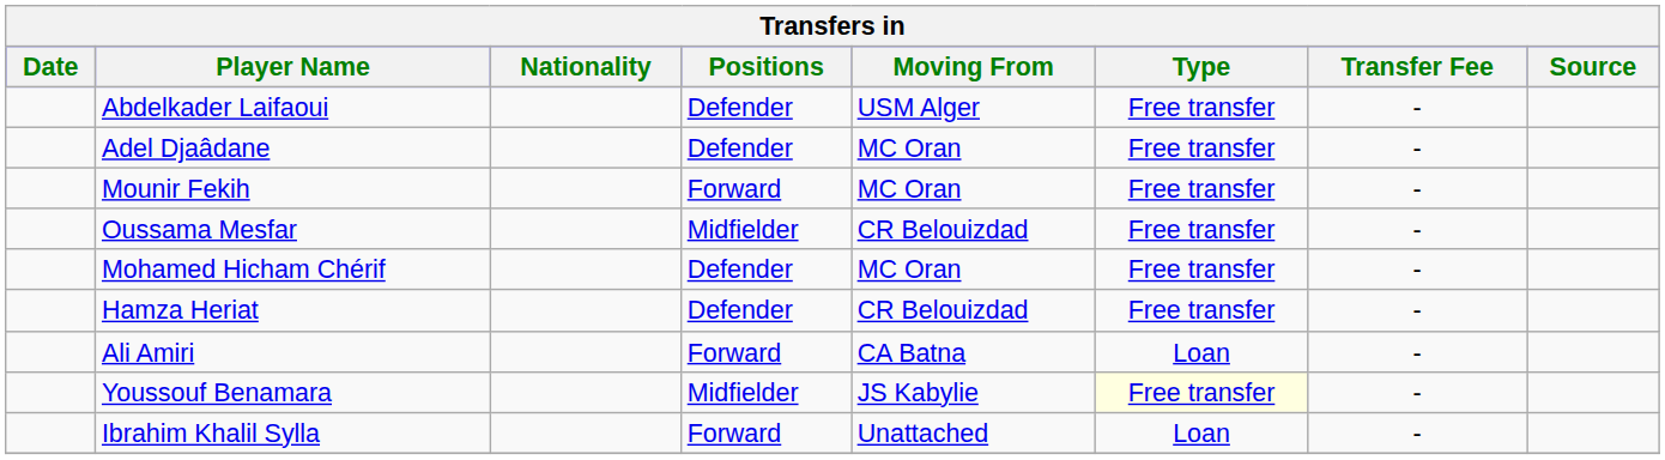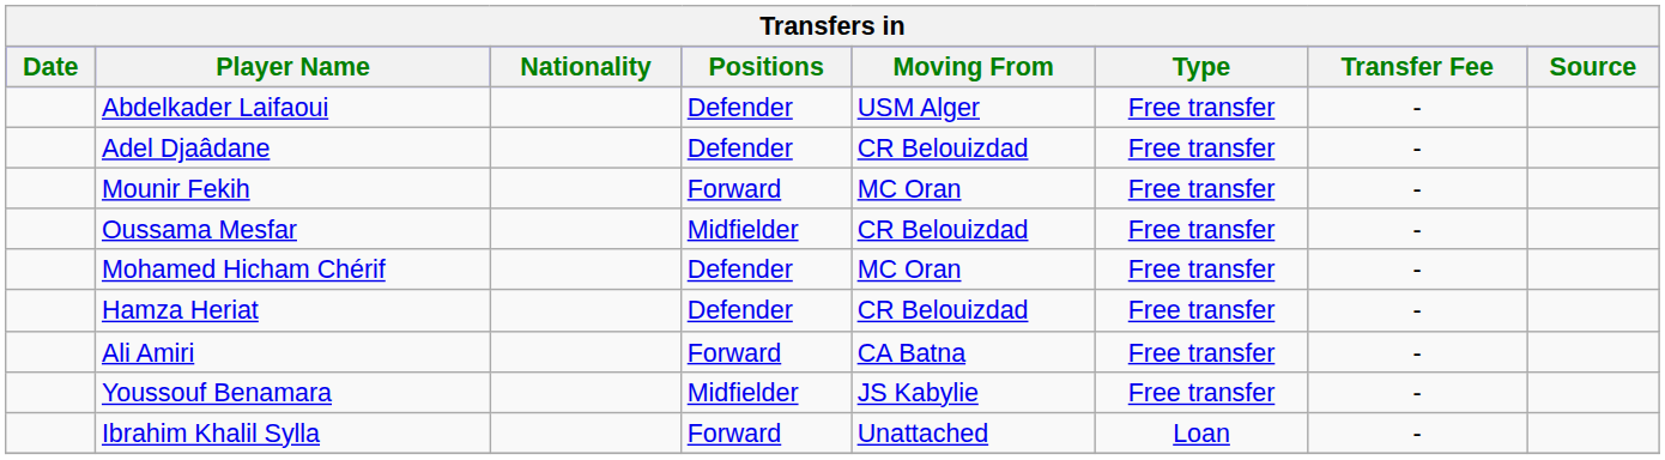 <table class="wikitable collapsible collapsed" style="font-size:95%; text-align: center; width: 980px;">
 <tr>
 <th colspan="8" style="with: 100%;" align=center style="color:green; background:FFFFFF">Transfers in</th>
 </tr>
 <tr bgcolor="blue" style="color:green;">
 <th>Date</th>
 <th>Player Name</th>
 <th>Nationality</th>
 <th>Positions</th>
 <th>Moving From</th>
 <th>Type</th>
 <th>Transfer Fee</th>
 <th>Source</th>
 </tr>
 <tr>
 <td align="left"></td>
 <td align="left"> <a href='#'>Abdelkader Laifaoui</a></td>
 <td align=center></td>
 <td align=left><a href='#'>Defender</a></td>
 <td align=left> <a href='#'>USM Alger</a></td>
 <td align=center><a href='#'>Free transfer</a></td>
 <td align=center>-</td>
 <td align=center></td>
 </tr>
 <tr>
 <td align="left"></td>
 <td align="left"> <a href='#'>Adel Djaâdane</a></td>
 <td align=center></td>
 <td align=left><a href='#'>Defender</a></td>
-<td align=left> <a href='#'>MC Oran</a></td>
+<td align=left> <a href='#'>CR Belouizdad</a></td>
 <td align=center><a href='#'>Free transfer</a></td>
 <td align=center>-</td>
 <td align=center></td>
 </tr>
 <tr>
 <td align="left"></td>
 <td align="left"> <a href='#'>Mounir Fekih</a></td>
 <td align=center></td>
 <td align=left><a href='#'>Forward</a></td>
 <td align=left> <a href='#'>MC Oran</a></td>
 <td align=center><a href='#'>Free transfer</a></td>
 <td align=center>-</td>
 <td align=center></td>
 </tr>
 <tr>
 <td align="left"></td>
 <td align="left"> <a href='#'>Oussama Mesfar</a></td>
 <td align=center></td>
 <td align=left><a href='#'>Midfielder</a></td>
 <td align=left> <a href='#'>CR Belouizdad</a></td>
 <td align=center><a href='#'>Free transfer</a></td>
 <td align=center>-</td>
 <td align=center></td>
 </tr>
 <tr>
 <td align="left"></td>
 <td align="left"> <a href='#'>Mohamed Hicham Chérif</a></td>
 <td align=center></td>
 <td align=left><a href='#'>Defender</a></td>
 <td align=left> <a href='#'>MC Oran</a></td>
 <td align=center><a href='#'>Free transfer</a></td>
 <td align=center>-</td>
 <td align=center></td>
 </tr>
 <tr>
 <td align="left"></td>
 <td align="left"> <a href='#'>Hamza Heriat</a></td>
 <td align=center></td>
 <td align=left><a href='#'>Defender</a></td>
 <td align=left> <a href='#'>CR Belouizdad</a></td>
 <td align=center><a href='#'>Free transfer</a></td>
 <td align=center>-</td>
 <td align=center></td>
 </tr>
 <tr>
 <td align="left"></td>
 <td align="left"> <a href='#'>Ali Amiri</a></td>
 <td align=center></td>
 <td align=left><a href='#'>Forward</a></td>
 <td align=left> <a href='#'>CA Batna</a></td>
-<td align=center><a href='#'>Loan</a></td>
+<td align=center><a href='#'>Free transfer</a></td>
 <td align=center>-</td>
 <td align=center></td>
 </tr>
 <tr>
 <td align="left"></td>
 <td align="left"> <a href='#'>Youssouf Benamara</a></td>
 <td align=center></td>
 <td align=left><a href='#'>Midfielder</a></td>
 <td align=left> <a href='#'>JS Kabylie</a></td>
-<td align=center style="background: lightyellow;"><a href='#'>Free transfer</a></td>
+<td align=center><a href='#'>Free transfer</a></td>
 <td align=center>-</td>
 <td align=center></td>
 </tr>
 <tr>
 <td align="left"></td>
 <td align="left"> <a href='#'>Ibrahim Khalil Sylla</a></td>
 <td align=center></td>
 <td align=left><a href='#'>Forward</a></td>
 <td align=left><a href='#'>Unattached</a></td>
 <td align=center><a href='#'>Loan</a></td>
 <td align=center>-</td>
 <td align=center></td>
 </tr>
 <tr>
 </tr>
 </table>
